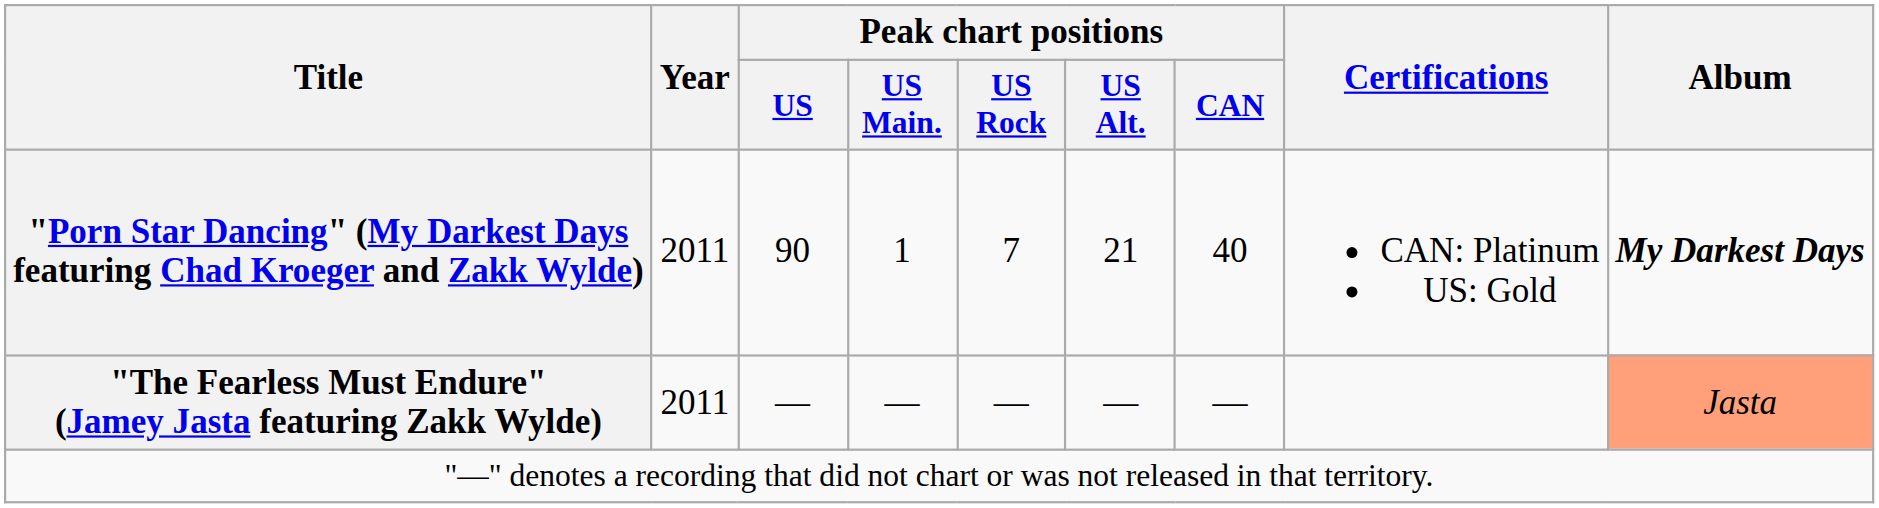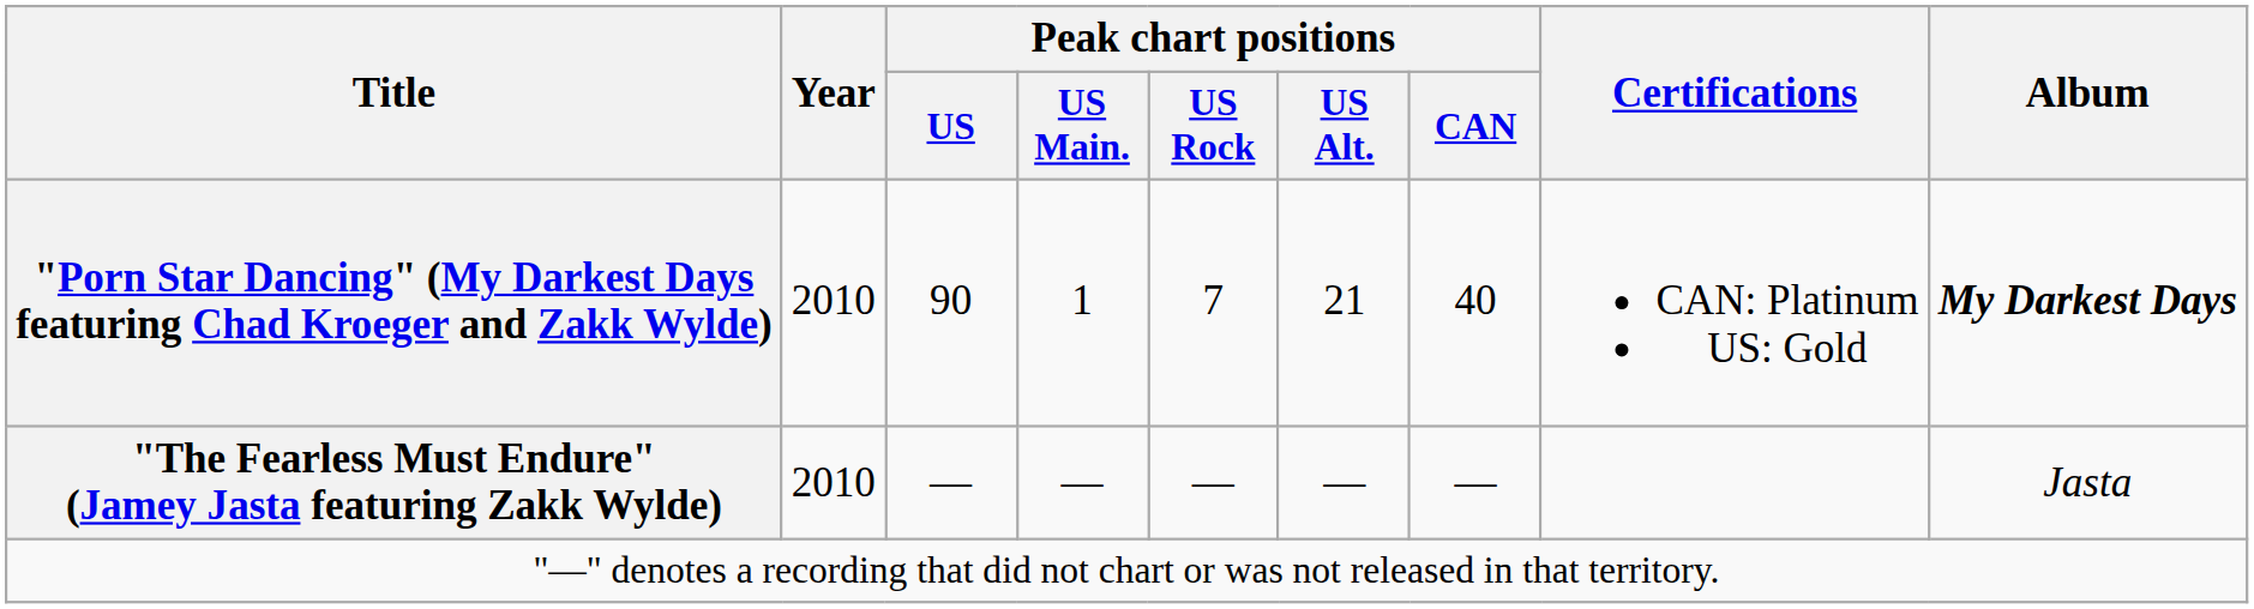 <table class="wikitable plainrowheaders" style="text-align:center;">
 <tr>
 <th scope="col" rowspan="2">Title</th>
 <th scope="col" rowspan="2">Year</th>
 <th scope="col" colspan="5">Peak chart positions</th>
 <th scope="col" rowspan="2"><a href='#'>Certifications</a></th>
 <th scope="col" rowspan="2">Album</th>
 </tr>
 <tr>
 <th scope="col" style="width:3em;font-size:90%;"><a href='#'>US</a><br></th>
 <th scope="col" style="width:3em;font-size:90%;"><a href='#'>US Main.</a><br></th>
 <th scope="col" style="width:3em;font-size:90%;"><a href='#'>US Rock</a><br></th>
 <th scope="col" style="width:3em;font-size:90%;"><a href='#'>US Alt.</a><br></th>
 <th scope="col" style="width:3em;font-size:90%;"><a href='#'>CAN</a><br></th>
 </tr>
 <tr>
 <th scope="row">"<a href='#'>Porn Star Dancing</a>" (<a href='#'>My Darkest Days</a><br>featuring <a href='#'>Chad Kroeger</a> and <a href='#'>Zakk Wylde</a>)</th>
-<td>2011</td>
+<td>2010</td>
 <td>90</td>
 <td>1</td>
 <td>7</td>
 <td>21</td>
 <td>40</td>
 <td><br><ul><li>CAN: Platinum</li><li>US: Gold</li></ul></td>
 <td><strong><em>My Darkest Days</em></strong></td>
 </tr>
 <tr>
 <th scope="row">"The Fearless Must Endure"<br>(<a href='#'>Jamey Jasta</a> featuring Zakk Wylde)</th>
-<td>2011</td>
+<td>2010</td>
 <td>—</td>
 <td>—</td>
 <td>—</td>
 <td>—</td>
 <td>—</td>
 <td></td>
-<td style="background: lightsalmon;"><em>Jasta</em></td>
+<td><em>Jasta</em></td>
 </tr>
 <tr>
 <td colspan="10" style="font-size:90%">"—" denotes a recording that did not chart or was not released in that territory.</td>
 </tr>
 </table>
